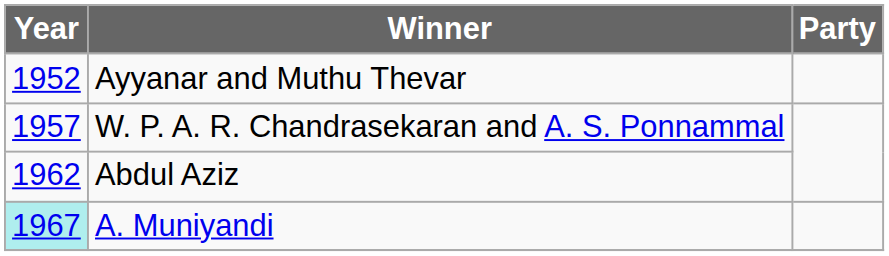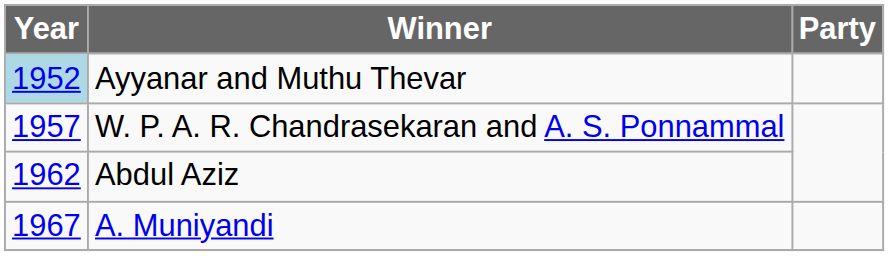 <table class="wikitable sortable">
 <tr>
 <th style="background-color:#666666; color:white">Year</th>
 <th style="background-color:#666666; color:white">Winner</th>
 <th style="background-color:#666666; color:white" colspan="2">Party</th>
 </tr>
 <tr>
-<td><a href='#'>1952</a></td>
+<td style="background: lightblue;"><a href='#'>1952</a></td>
 <td>Ayyanar and Muthu Thevar</td>
 <td></td>
 </tr>
 <tr>
 <td><a href='#'>1957</a></td>
 <td>W. P. A. R. Chandrasekaran and <a href='#'>A. S. Ponnammal</a></td>
 </tr>
 <tr>
 <td><a href='#'>1962</a></td>
 <td>Abdul Aziz</td>
 </tr>
 <tr>
-<td style="background: paleturquoise;"><a href='#'>1967</a></td>
+<td><a href='#'>1967</a></td>
 <td><a href='#'>A. Muniyandi</a></td>
 <td></td>
 </tr>
 <tr>
 </tr>
 </table>
